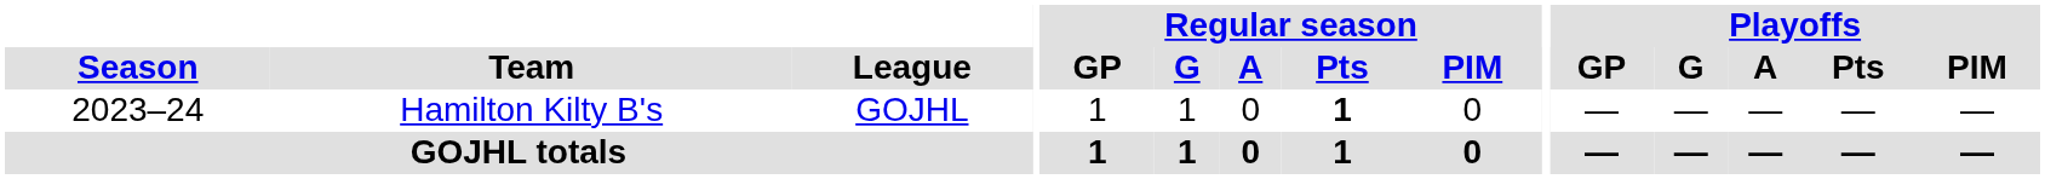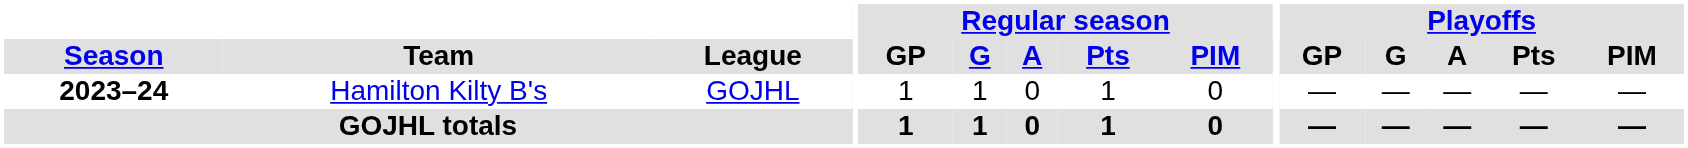 <table border="0" cellpadding="1" cellspacing="0" style="text-align:center; width:60em">
 <tr bgcolor="#e0e0e0">
 <th colspan="3" bgcolor="#ffffff"></th>
 <th rowspan="101" bgcolor="#ffffff"></th>
 <th colspan="5"><a href='#'>Regular season</a></th>
 <th rowspan="101" bgcolor="#ffffff"></th>
 <th colspan="5"><a href='#'>Playoffs</a></th>
 </tr>
 <tr bgcolor="#e0e0e0">
 <th><a href='#'>Season</a></th>
 <th>Team</th>
 <th>League</th>
 <th>GP</th>
 <th><a href='#'>G</a></th>
 <th><a href='#'>A</a></th>
 <th><a href='#'>Pts</a></th>
 <th><a href='#'>PIM</a></th>
 <th>GP</th>
 <th>G</th>
 <th>A</th>
 <th>Pts</th>
 <th>PIM</th>
 </tr>
 <tr>
-<td>2023–24</td>
+<td><strong>2023–24</strong></td>
 <td><a href='#'>Hamilton Kilty B's</a></td>
 <td><a href='#'>GOJHL</a></td>
 <td>1</td>
 <td>1</td>
 <td>0</td>
-<td><strong>1</strong></td>
+<td>1</td>
 <td>0</td>
 <td>—</td>
 <td>—</td>
 <td>—</td>
 <td>—</td>
 <td>—</td>
 </tr>
 <tr bgcolor="#e0e0e0">
 <th colspan="3">GOJHL totals</th>
 <th>1</th>
 <th>1</th>
 <th>0</th>
 <th>1</th>
 <th>0</th>
 <th>—</th>
 <th>—</th>
 <th>—</th>
 <th>—</th>
 <th>—</th>
 </tr>
 </table>
